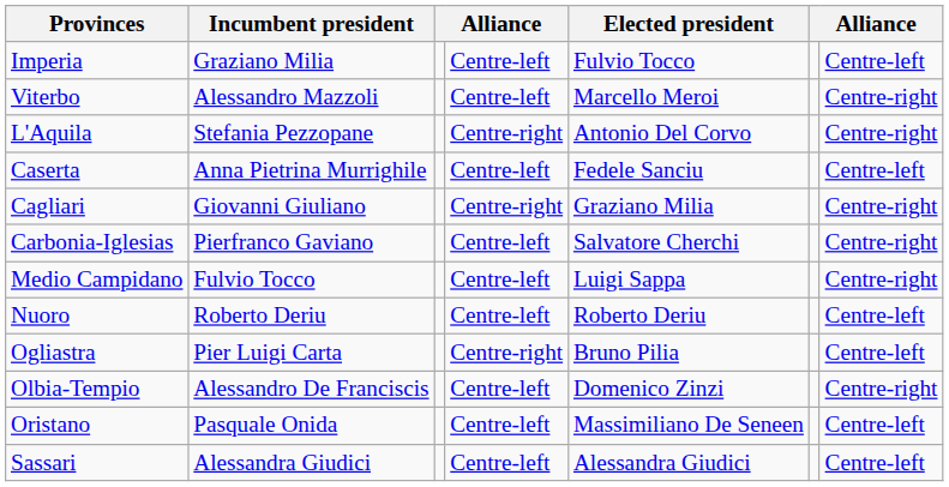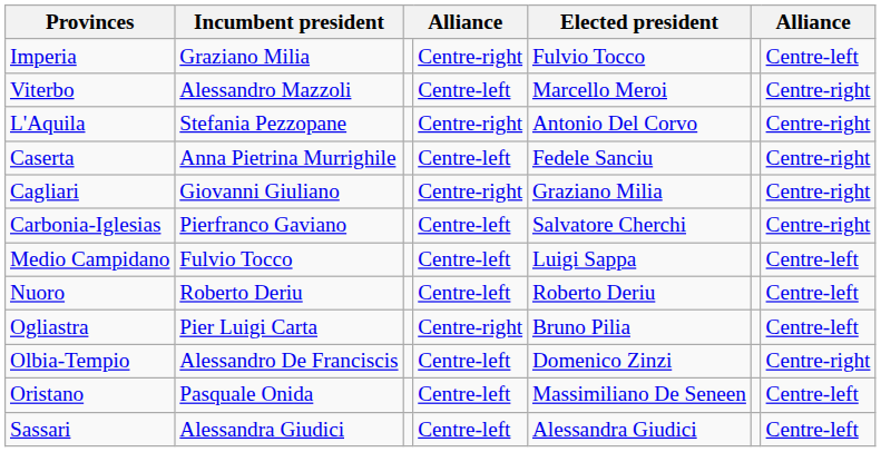 <table class="wikitable sortable centre">
 <tr>
 <th>Provinces</th>
 <th>Incumbent president</th>
 <th colspan=2>Alliance</th>
 <th>Elected president</th>
 <th colspan=2>Alliance</th>
 </tr>
 <tr>
 <td><a href='#'>Imperia</a></td>
 <td><a href='#'>Graziano Milia</a></td>
 <td></td>
-<td><a href='#'>Centre-left</a></td>
+<td><a href='#'>Centre-right</a></td>
 <td><a href='#'>Fulvio Tocco</a></td>
 <td></td>
 <td><a href='#'>Centre-left</a></td>
 </tr>
 <tr>
 <td><a href='#'>Viterbo</a></td>
 <td><a href='#'>Alessandro Mazzoli</a></td>
 <td></td>
 <td><a href='#'>Centre-left</a></td>
 <td><a href='#'>Marcello Meroi</a></td>
 <td></td>
 <td><a href='#'>Centre-right</a></td>
 </tr>
 <tr>
 <td><a href='#'>L'Aquila</a></td>
 <td><a href='#'>Stefania Pezzopane</a></td>
 <td></td>
 <td><a href='#'>Centre-right</a></td>
 <td><a href='#'>Antonio Del Corvo</a></td>
 <td></td>
 <td><a href='#'>Centre-right</a></td>
 </tr>
 <tr>
 <td><a href='#'>Caserta</a></td>
 <td><a href='#'>Anna Pietrina Murrighile</a></td>
 <td></td>
 <td><a href='#'>Centre-left</a></td>
 <td><a href='#'>Fedele Sanciu</a></td>
 <td></td>
-<td><a href='#'>Centre-left</a></td>
+<td><a href='#'>Centre-right</a></td>
 </tr>
 <tr>
 <td><a href='#'>Cagliari</a></td>
 <td><a href='#'>Giovanni Giuliano</a></td>
 <td></td>
 <td><a href='#'>Centre-right</a></td>
 <td><a href='#'>Graziano Milia</a></td>
 <td></td>
 <td><a href='#'>Centre-right</a></td>
 </tr>
 <tr>
 <td><a href='#'>Carbonia-Iglesias</a></td>
 <td><a href='#'>Pierfranco Gaviano</a></td>
 <td></td>
 <td><a href='#'>Centre-left</a></td>
 <td><a href='#'>Salvatore Cherchi</a></td>
 <td></td>
 <td><a href='#'>Centre-right</a></td>
 </tr>
 <tr>
 <td><a href='#'>Medio Campidano</a></td>
 <td><a href='#'>Fulvio Tocco</a></td>
 <td></td>
 <td><a href='#'>Centre-left</a></td>
 <td><a href='#'>Luigi Sappa</a></td>
 <td></td>
-<td><a href='#'>Centre-right</a></td>
+<td><a href='#'>Centre-left</a></td>
 </tr>
 <tr>
 <td><a href='#'>Nuoro</a></td>
 <td><a href='#'>Roberto Deriu</a></td>
 <td></td>
 <td><a href='#'>Centre-left</a></td>
 <td><a href='#'>Roberto Deriu</a></td>
 <td></td>
 <td><a href='#'>Centre-left</a></td>
 </tr>
 <tr>
 <td><a href='#'>Ogliastra</a></td>
 <td><a href='#'>Pier Luigi Carta</a></td>
 <td></td>
 <td><a href='#'>Centre-right</a></td>
 <td><a href='#'>Bruno Pilia</a></td>
 <td></td>
 <td><a href='#'>Centre-left</a></td>
 </tr>
 <tr>
 <td><a href='#'>Olbia-Tempio</a></td>
 <td><a href='#'>Alessandro De Franciscis</a></td>
 <td></td>
 <td><a href='#'>Centre-left</a></td>
 <td><a href='#'>Domenico Zinzi</a></td>
 <td></td>
 <td><a href='#'>Centre-right</a></td>
 </tr>
 <tr>
 <td><a href='#'>Oristano</a></td>
 <td><a href='#'>Pasquale Onida</a></td>
 <td></td>
 <td><a href='#'>Centre-left</a></td>
 <td><a href='#'>Massimiliano De Seneen</a></td>
 <td></td>
 <td><a href='#'>Centre-left</a></td>
 </tr>
 <tr>
 <td><a href='#'>Sassari</a></td>
 <td><a href='#'>Alessandra Giudici</a></td>
 <td></td>
 <td><a href='#'>Centre-left</a></td>
 <td><a href='#'>Alessandra Giudici</a></td>
 <td></td>
 <td><a href='#'>Centre-left</a></td>
 </tr>
 </table>
